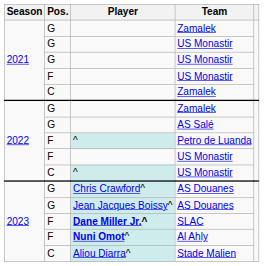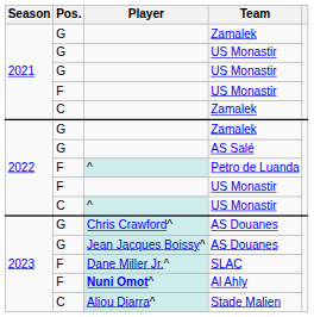 <table class="wikitable">
 <tr>
 <th>Season</th>
 <th>Pos.</th>
 <th>Player</th>
 <th>Team</th>
 <th></th>
 </tr>
 <tr>
 <td rowspan=5><a href='#'>2021</a></td>
 <td>G</td>
 <td><strong></strong></td>
 <td><a href='#'>Zamalek</a></td>
 <td rowspan=5 align=center></td>
 </tr>
 <tr>
 <td>G</td>
 <td></td>
 <td><a href='#'>US Monastir</a></td>
 </tr>
 <tr>
 <td>G</td>
 <td></td>
 <td><a href='#'>US Monastir</a></td>
 </tr>
 <tr>
 <td>F</td>
 <td></td>
 <td><a href='#'>US Monastir</a></td>
 </tr>
 <tr>
 <td>C</td>
 <td></td>
 <td><a href='#'>Zamalek</a></td>
 </tr>
 <tr style="border-top:2px solid black">
 <td rowspan=5><a href='#'>2022</a></td>
 <td>G</td>
 <td></td>
 <td><a href='#'>Zamalek</a></td>
 <td rowspan=5 align=center></td>
 </tr>
 <tr>
 <td>G</td>
 <td></td>
 <td><a href='#'>AS Salé</a></td>
 </tr>
 <tr>
 <td>F</td>
 <td style="background-color:#CFECEC;">^</td>
 <td><a href='#'>Petro de Luanda</a></td>
 </tr>
 <tr>
 <td>F</td>
 <td></td>
 <td><a href='#'>US Monastir</a></td>
 </tr>
 <tr>
 <td>C</td>
 <td style="background-color:#CFECEC;">^</td>
 <td><a href='#'>US Monastir</a></td>
 </tr>
 <tr style="border-top:2px solid black">
 <td rowspan="5"><a href='#'>2023</a></td>
 <td>G</td>
 <td style="background-color:#CFECEC;"><a href='#'>Chris Crawford</a>^</td>
 <td><a href='#'>AS Douanes</a></td>
 <td rowspan="5" align="center"></td>
 </tr>
 <tr>
 <td>G</td>
 <td style="background-color:#CFECEC;"><a href='#'>Jean Jacques Boissy</a>^</td>
 <td><a href='#'>AS Douanes</a></td>
 </tr>
 <tr>
 <td>F</td>
-<td style="background-color:#CFECEC;"><strong><a href='#'>Dane Miller Jr.</a>^</strong></td>
+<td style="background-color:#CFECEC;"><a href='#'>Dane Miller Jr.</a>^</td>
 <td><a href='#'>SLAC</a></td>
 </tr>
 <tr>
 <td>F</td>
 <td style="background-color:#CFECEC;"><strong><a href='#'>Nuni Omot</a></strong>^</td>
 <td><a href='#'>Al Ahly</a></td>
 </tr>
 <tr>
 <td>C</td>
 <td style="background-color:#CFECEC;"><a href='#'>Aliou Diarra</a>^</td>
 <td><a href='#'>Stade Malien</a></td>
 </tr>
 </table>
